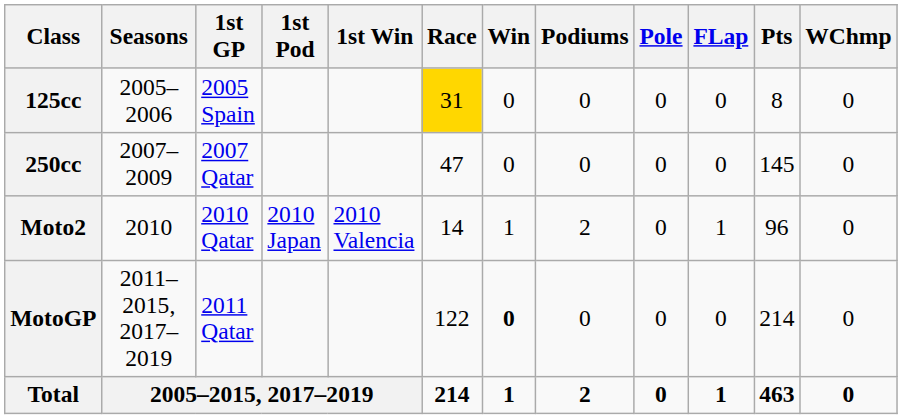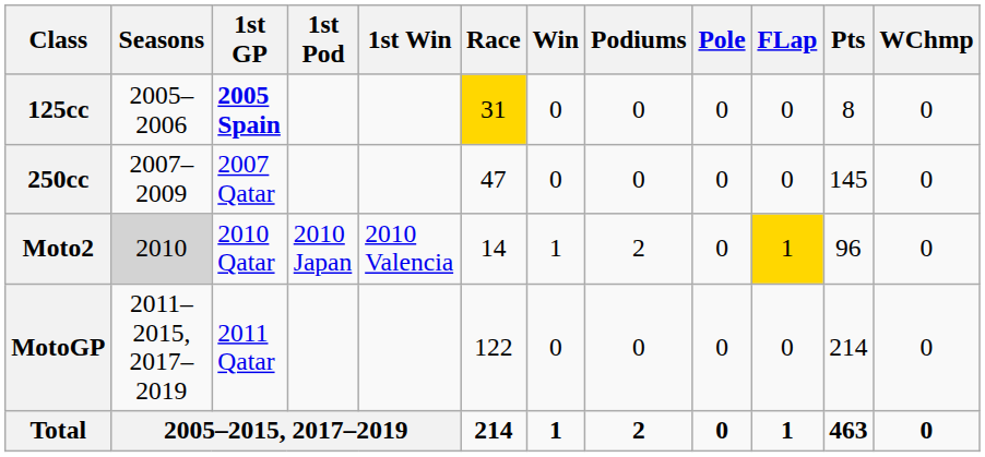 <table class="wikitable">
 <tr>
 <th>Class</th>
 <th>Seasons</th>
 <th>1st GP</th>
 <th>1st Pod</th>
 <th>1st Win</th>
 <th>Race</th>
 <th>Win</th>
 <th>Podiums</th>
 <th><a href='#'>Pole</a></th>
 <th><a href='#'>FLap</a></th>
 <th>Pts</th>
 <th>WChmp</th>
 </tr>
 <tr align="center">
 <th>125cc</th>
 <td>2005–2006</td>
-<td align="left"><a href='#'>2005 Spain</a></td>
+<td align="left"><strong><a href='#'>2005 Spain</a></strong></td>
 <td align="left"></td>
 <td align="left"></td>
 <td style="background: gold;">31</td>
 <td>0</td>
 <td>0</td>
 <td>0</td>
 <td>0</td>
 <td>8</td>
 <td>0</td>
 </tr>
 <tr align="center">
 <th>250cc</th>
 <td>2007–2009</td>
 <td align="left"><a href='#'>2007 Qatar</a></td>
 <td align="left"></td>
 <td align="left"></td>
 <td>47</td>
 <td>0</td>
 <td>0</td>
 <td>0</td>
 <td>0</td>
 <td>145</td>
 <td>0</td>
 </tr>
 <tr align="center">
 <th>Moto2</th>
-<td>2010</td>
+<td style="background: lightgrey;">2010</td>
 <td align="left"><a href='#'>2010 Qatar</a></td>
 <td align="left"><a href='#'>2010 Japan</a></td>
 <td align="left"><a href='#'>2010 Valencia</a></td>
 <td>14</td>
 <td>1</td>
 <td>2</td>
 <td>0</td>
-<td>1</td>
+<td style="background: gold;">1</td>
 <td>96</td>
 <td>0</td>
 </tr>
 <tr align="center">
 <th>MotoGP</th>
 <td>2011–2015, 2017–2019</td>
 <td align="left"><a href='#'>2011 Qatar</a></td>
 <td align="left"></td>
 <td align="left"></td>
 <td>122</td>
-<td><strong>0</strong></td>
+<td>0</td>
 <td>0</td>
 <td>0</td>
 <td>0</td>
 <td>214</td>
 <td>0</td>
 </tr>
 <tr align="center">
 <th>Total</th>
 <th colspan=4>2005–2015, 2017–2019</th>
 <td><strong>214</strong></td>
 <td><strong>1</strong></td>
 <td><strong>2</strong></td>
 <td><strong>0</strong></td>
 <td><strong>1</strong></td>
 <td><strong>463</strong></td>
 <td><strong>0</strong></td>
 </tr>
 </table>
